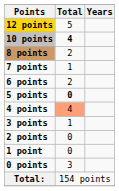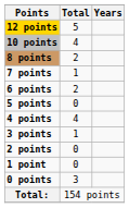 <table class="wikitable">
 <tr>
 </tr>
 <tr>
 <th>Points</th>
 <th>Total</th>
 <th>Years</th>
 </tr>
 <tr>
 <td style="background:gold"><strong>12 points</strong></td>
 <td style="text-align:center">5</td>
 <td></td>
 </tr>
 <tr>
 <td style="background:silver"><strong>10 points</strong></td>
-<td style="text-align:center"><strong>4</strong></td>
+<td style="text-align:center">4</td>
 <td></td>
 </tr>
 <tr>
 <td style="background:#CC9966"><strong>8 points</strong></td>
 <td style="text-align:center">2</td>
 <td></td>
 </tr>
 <tr>
 <td><strong>7 points</strong></td>
 <td style="text-align:center">1</td>
 <td></td>
 </tr>
 <tr>
 <td><strong>6 points</strong></td>
 <td style="text-align:center">2</td>
 <td></td>
 </tr>
 <tr>
 <td><strong>5 points</strong></td>
-<td style="text-align:center"><strong>0</strong></td>
+<td style="text-align:center">0</td>
 <td></td>
 </tr>
 <tr>
 <td><strong>4 points</strong></td>
-<td style="background: lightsalmon; text-align:center">4</td>
+<td style="text-align:center">4</td>
 <td></td>
 </tr>
 <tr>
 <td><strong>3 points</strong></td>
 <td style="text-align:center">1</td>
 <td></td>
 </tr>
 <tr>
 <td><strong>2 points</strong></td>
 <td style="text-align:center">0</td>
 <td></td>
 </tr>
 <tr>
 <td><strong>1 point</strong></td>
 <td style="text-align:center">0</td>
 <td></td>
 </tr>
 <tr>
 <td><strong>0 points</strong></td>
 <td style="text-align:center">3</td>
 <td></td>
 </tr>
 <tr>
 <th>Total:</th>
 <td colspan="2" style="text-align:center">154 points</td>
 </tr>
 <tr>
 </tr>
 </table>
